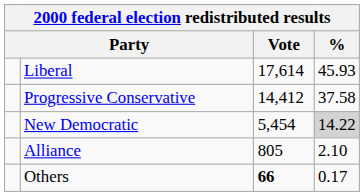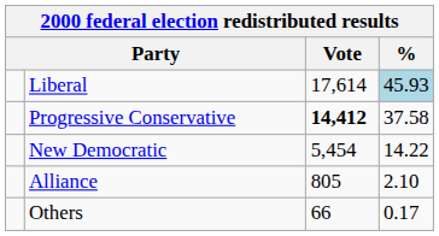 <table class="wikitable">
 <tr>
 <th colspan="4"><a href='#'>2000 federal election</a> redistributed results</th>
 </tr>
 <tr>
 <th bgcolor="#DDDDFF" width="230px" colspan="2">Party</th>
 <th bgcolor="#DDDDFF" width="50px">Vote</th>
 <th bgcolor="#DDDDFF" width="30px">%</th>
 </tr>
 <tr>
 <td> </td>
 <td><a href='#'>Liberal</a></td>
 <td>17,614</td>
-<td>45.93</td>
+<td style="background: lightblue;">45.93</td>
 </tr>
 <tr>
 <td> </td>
 <td><a href='#'>Progressive Conservative</a></td>
-<td>14,412</td>
+<td><strong>14,412</strong></td>
 <td>37.58</td>
 </tr>
 <tr>
 <td> </td>
 <td><a href='#'>New Democratic</a></td>
 <td>5,454</td>
-<td style="background: lightgrey;">14.22</td>
+<td>14.22</td>
 </tr>
 <tr>
 <td> </td>
 <td><a href='#'>Alliance</a></td>
 <td>805</td>
 <td>2.10</td>
 </tr>
 <tr>
 <td> </td>
 <td>Others</td>
-<td><strong>66</strong></td>
+<td>66</td>
 <td>0.17</td>
 </tr>
 </table>
